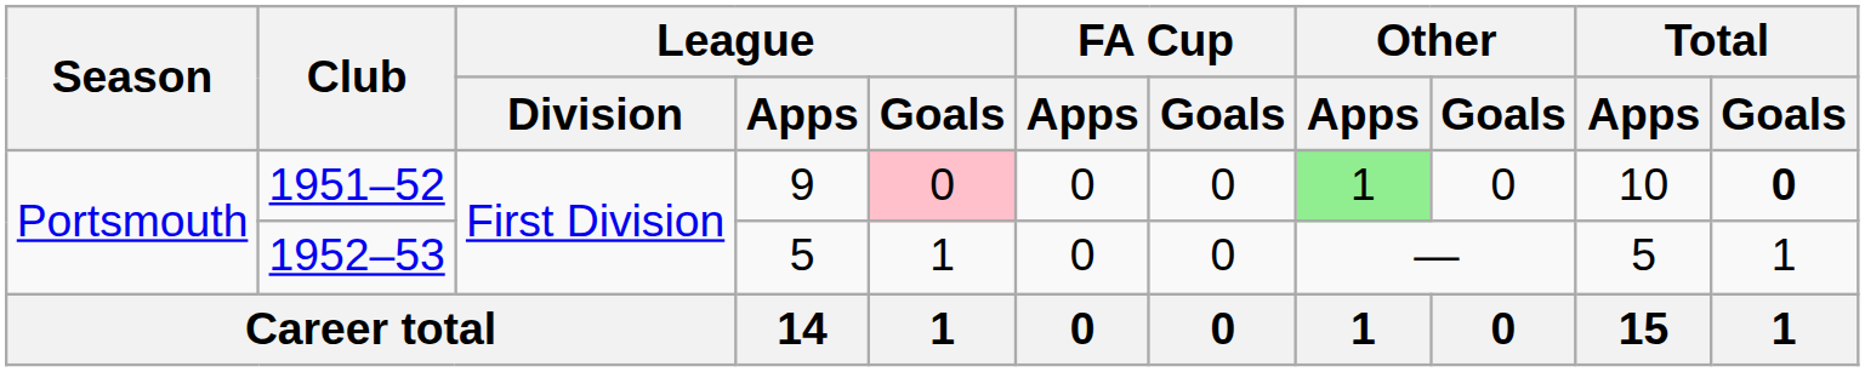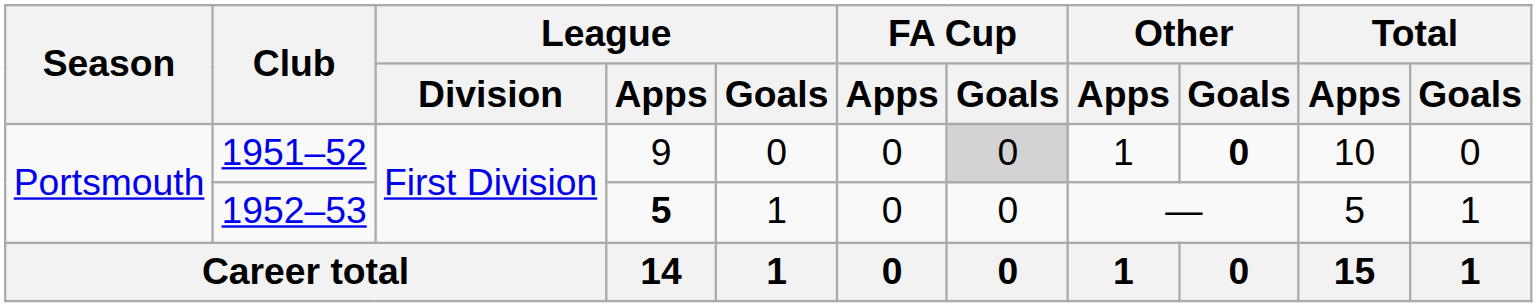 <table class="wikitable" style="text-align:center">
 <tr>
 <th rowspan="2">Season</th>
 <th rowspan="2">Club</th>
 <th colspan="3">League</th>
 <th colspan="2">FA Cup</th>
 <th colspan="2">Other</th>
 <th colspan="2">Total</th>
 </tr>
 <tr>
 <th>Division</th>
 <th>Apps</th>
 <th>Goals</th>
 <th>Apps</th>
 <th>Goals</th>
 <th>Apps</th>
 <th>Goals</th>
 <th>Apps</th>
 <th>Goals</th>
 </tr>
 <tr>
 <td rowspan="2"><a href='#'>Portsmouth</a></td>
 <td><a href='#'>1951–52</a></td>
 <td rowspan="2"><a href='#'>First Division</a></td>
 <td>9</td>
-<td style="background: pink;">0</td>
 <td>0</td>
 <td>0</td>
-<td style="background: lightgreen;">1</td>
+<td style="background: lightgrey;">0</td>
+<td>1</td>
+<td><strong>0</strong></td>
+<td>10</td>
 <td>0</td>
-<td>10</td>
-<td><strong>0</strong></td>
 </tr>
 <tr>
 <td><a href='#'>1952–53</a></td>
-<td>5</td>
+<td><strong>5</strong></td>
 <td>1</td>
 <td>0</td>
 <td>0</td>
 <td colspan="2">—</td>
 <td>5</td>
 <td>1</td>
 </tr>
 <tr>
 <th colspan="3">Career total</th>
 <th>14</th>
 <th>1</th>
 <th>0</th>
 <th>0</th>
 <th>1</th>
 <th>0</th>
 <th>15</th>
 <th>1</th>
 </tr>
 </table>
